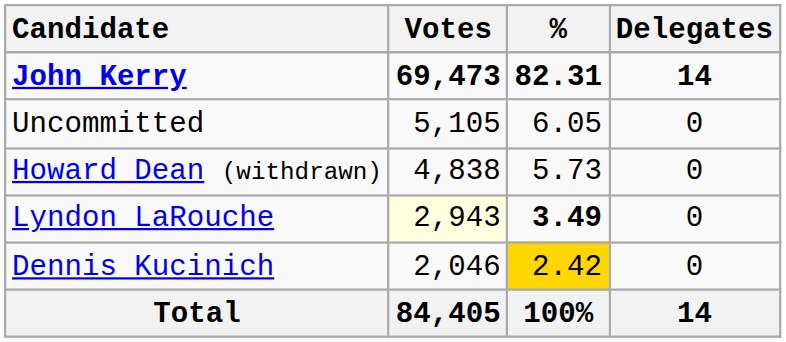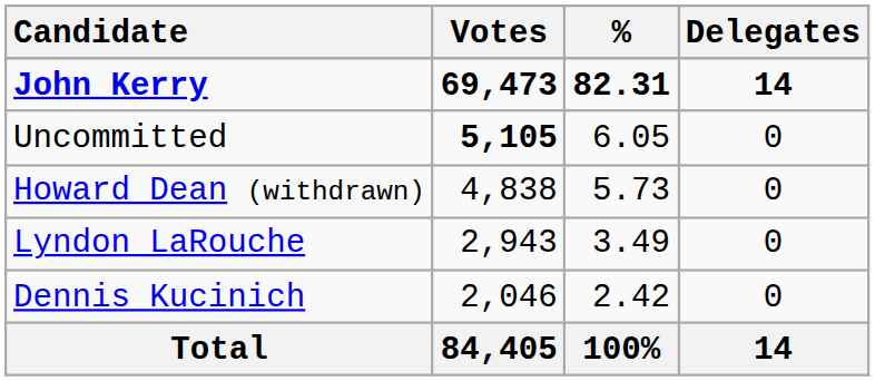 <table class="wikitable sortable plainrowheaders" style="text-align:right;">
 <tr>
 <th style="text-align:left;">Candidate</th>
 <th>Votes</th>
 <th>%</th>
 <th>Delegates</th>
 </tr>
 <tr>
 </tr>
 <tr>
 <td style="text-align:left;"><strong><a href='#'>John Kerry</a></strong></td>
 <td><strong>69,473</strong></td>
 <td><strong>82.31</strong></td>
 <td style="text-align:center;"><strong>14</strong></td>
 </tr>
 <tr>
 <td style="text-align:left;">Uncommitted</td>
-<td>5,105</td>
+<td><strong>5,105</strong></td>
 <td>6.05</td>
 <td style="text-align:center;">0</td>
 </tr>
 <tr>
 <td style="text-align:left;"><a href='#'>Howard Dean</a> <small>(withdrawn)</small></td>
 <td>4,838</td>
 <td>5.73</td>
 <td style="text-align:center;">0</td>
 </tr>
 <tr>
 <td style="text-align:left;"><a href='#'>Lyndon LaRouche</a></td>
-<td style="background: lightyellow;">2,943</td>
-<td><strong>3.49</strong></td>
+<td>2,943</td>
+<td>3.49</td>
 <td style="text-align:center;">0</td>
 </tr>
 <tr>
 <td style="text-align:left;"><a href='#'>Dennis Kucinich</a></td>
 <td>2,046</td>
-<td style="background: gold;">2.42</td>
+<td>2.42</td>
 <td style="text-align:center;">0</td>
 </tr>
 <tr class="sortbottom">
 <th>Total</th>
 <th>84,405</th>
 <th>100%</th>
 <th>14</th>
 </tr>
 </table>
